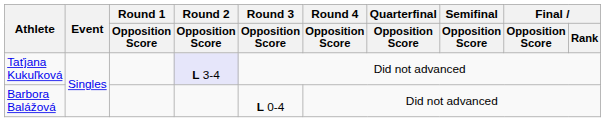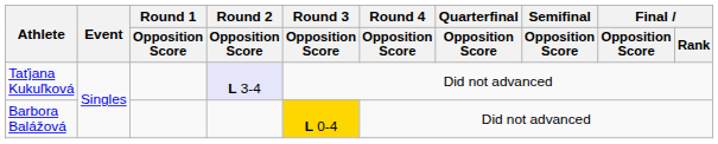 <table class=wikitable style="font-size:90%">
 <tr>
 <th rowspan=2>Athlete</th>
 <th rowspan=2>Event</th>
 <th>Round 1</th>
 <th>Round 2</th>
 <th>Round 3</th>
 <th>Round 4</th>
 <th>Quarterfinal</th>
 <th>Semifinal</th>
 <th colspan=2>Final / </th>
 </tr>
 <tr style="font-size:95%">
 <th>Opposition<br>Score</th>
 <th>Opposition<br>Score</th>
 <th>Opposition<br>Score</th>
 <th>Opposition<br>Score</th>
 <th>Opposition<br>Score</th>
 <th>Opposition<br>Score</th>
 <th>Opposition<br>Score</th>
 <th>Rank</th>
 </tr>
 <tr align=center>
 <td align=left><a href='#'>Taťjana Kukuľková</a></td>
 <td align=left rowspan=2><a href='#'>Singles</a></td>
 <td></td>
 <td style="background: lavender;"> <br><strong>L</strong> 3-4</td>
 <td colspan=6>Did not advanced</td>
 </tr>
 <tr align=center>
 <td align=left><a href='#'>Barbora Balážová</a></td>
 <td></td>
 <td></td>
-<td> <br><strong>L</strong> 0-4</td>
+<td style="background: gold;"> <br><strong>L</strong> 0-4</td>
 <td colspan=5>Did not advanced</td>
 </tr>
 </table>
